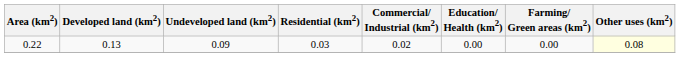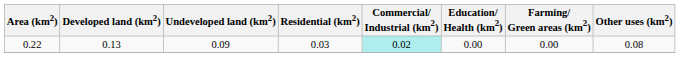 <table class="wikitable" style="text-align: center;">
 <tr>
 <th>Area (km<sup>2</sup>)</th>
 <th>Developed land (km<sup>2</sup>)</th>
 <th>Undeveloped land (km<sup>2</sup>)</th>
 <th>Residential (km<sup>2</sup>)</th>
 <th>Commercial/<br> Industrial (km<sup>2</sup>)</th>
 <th>Education/<br> Health (km<sup>2</sup>)</th>
 <th>Farming/<br> Green areas (km<sup>2</sup>)</th>
 <th>Other uses (km<sup>2</sup>)</th>
 </tr>
 <tr>
 <td>0.22</td>
 <td>0.13</td>
 <td>0.09</td>
 <td>0.03</td>
-<td>0.02</td>
+<td style="background: paleturquoise;">0.02</td>
 <td>0.00</td>
 <td>0.00</td>
-<td style="background: lightyellow;">0.08</td>
+<td>0.08</td>
 </tr>
 <tr>
 </tr>
 </table>
